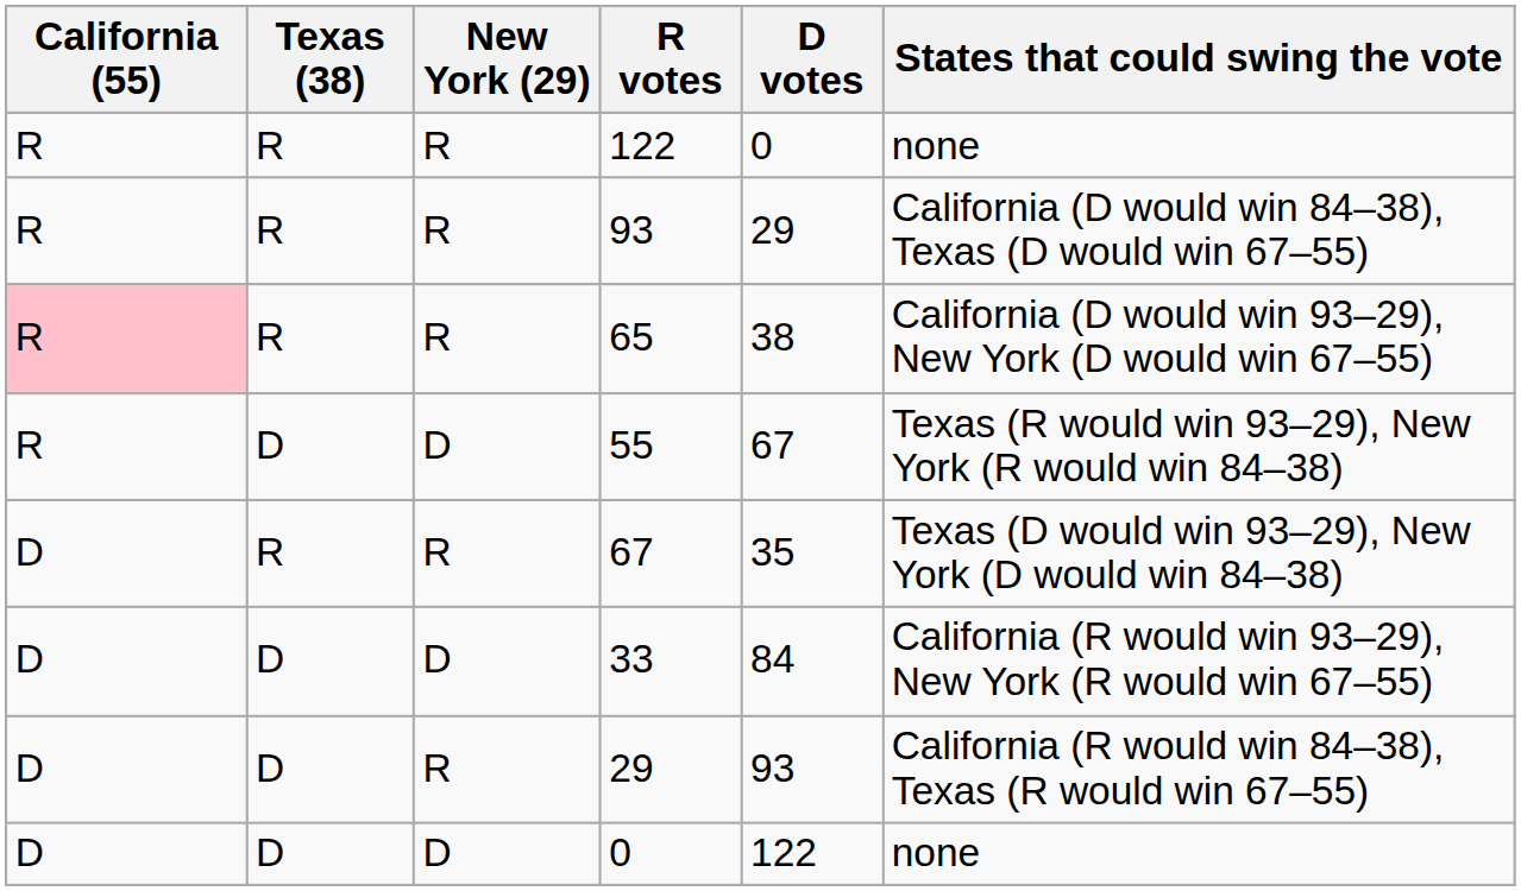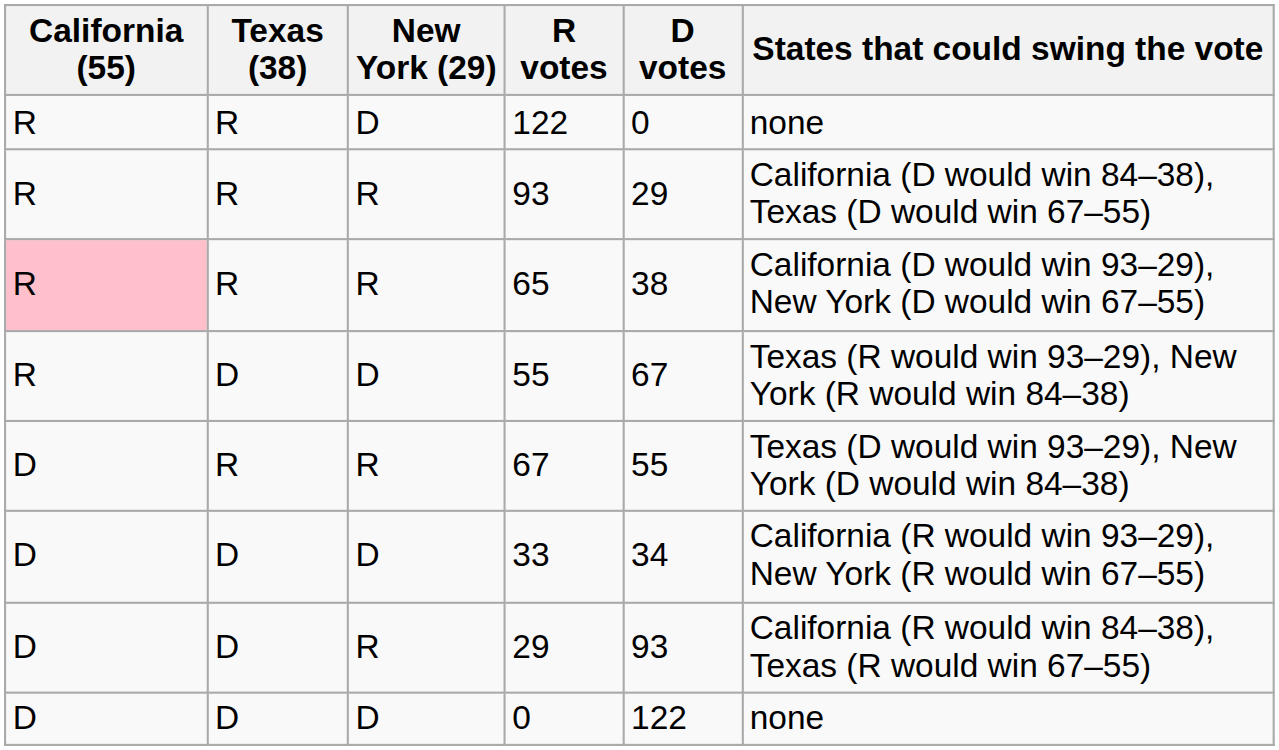 <table class="wikitable" align=center>
 <tr>
 <th>California (55)</th>
 <th>Texas (38)</th>
 <th>New York (29)</th>
 <th>R votes</th>
 <th>D votes</th>
 <th>States that could swing the vote</th>
 </tr>
 <tr>
 <td>R</td>
 <td>R</td>
-<td>R</td>
+<td>D</td>
 <td>122</td>
 <td>0</td>
 <td>none</td>
 </tr>
 <tr>
 <td>R</td>
 <td>R</td>
 <td>R</td>
 <td>93</td>
 <td>29</td>
 <td>California (D would win 84–38), Texas (D would win 67–55)</td>
 </tr>
 <tr>
 <td style="background: pink;">R</td>
 <td>R</td>
 <td>R</td>
 <td>65</td>
 <td>38</td>
 <td>California (D would win 93–29), New York (D would win 67–55)</td>
 </tr>
 <tr>
 <td>R</td>
 <td>D</td>
 <td>D</td>
 <td>55</td>
 <td>67</td>
 <td>Texas (R would win 93–29), New York (R would win 84–38)</td>
 </tr>
 <tr>
 <td>D</td>
 <td>R</td>
 <td>R</td>
 <td>67</td>
-<td>35</td>
+<td>55</td>
 <td>Texas (D would win 93–29), New York (D would win 84–38)</td>
 </tr>
 <tr>
 <td>D</td>
 <td>D</td>
 <td>D</td>
 <td>33</td>
-<td>84</td>
+<td>34</td>
 <td>California (R would win 93–29), New York (R would win 67–55)</td>
 </tr>
 <tr>
 <td>D</td>
 <td>D</td>
 <td>R</td>
 <td>29</td>
 <td>93</td>
 <td>California (R would win 84–38), Texas (R would win 67–55)</td>
 </tr>
 <tr>
 <td>D</td>
 <td>D</td>
 <td>D</td>
 <td>0</td>
 <td>122</td>
 <td>none</td>
 </tr>
 </table>
